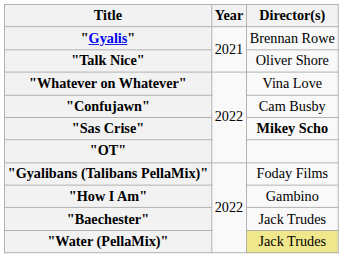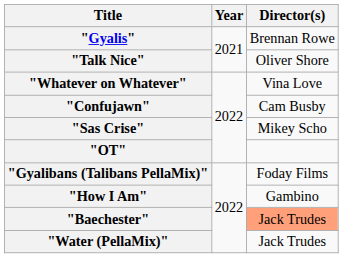 <table class="wikitable plainrowheaders" style="text-align:center;">
 <tr>
 <th scope="col">Title</th>
 <th scope="col">Year</th>
 <th scope="col">Director(s)</th>
 </tr>
 <tr>
 <th scope="row">"<a href='#'>Gyalis</a>"</th>
 <td rowspan="2">2021</td>
 <td>Brennan Rowe</td>
 </tr>
 <tr>
 <th scope="row">"Talk Nice"</th>
 <td>Oliver Shore</td>
 </tr>
 <tr>
 <th scope="row">"Whatever on Whatever"<br></th>
 <td rowspan="4">2022</td>
 <td>Vina Love</td>
 </tr>
 <tr>
 <th scope="row">"Confujawn"<br></th>
 <td>Cam Busby</td>
 </tr>
 <tr>
 <th scope="row">"Sas Crise"</th>
-<td><strong>Mikey Scho</strong></td>
+<td>Mikey Scho</td>
 </tr>
 <tr>
 <th scope="row">"OT"<br></th>
 <td></td>
 </tr>
 <tr>
 <th scope="row">"Gyalibans (Talibans PellaMix)"</th>
 <td rowspan="4">2022</td>
 <td>Foday Films</td>
 </tr>
 <tr>
 <th scope="row">"How I Am"</th>
 <td>Gambino</td>
 </tr>
 <tr>
 <th scope="row">"Baechester"</th>
-<td>Jack Trudes</td>
+<td style="background: lightsalmon;">Jack Trudes</td>
 </tr>
 <tr>
 <th scope="row">"Water (PellaMix)"</th>
-<td style="background: khaki;">Jack Trudes</td>
+<td>Jack Trudes</td>
 </tr>
 </table>
